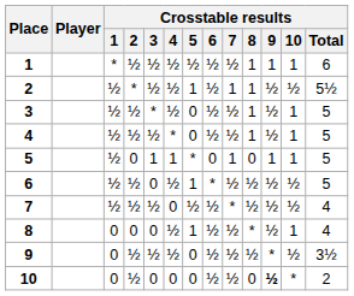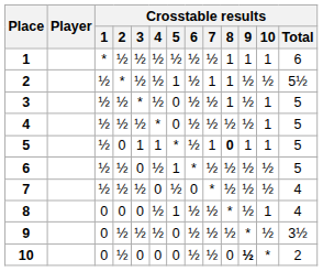 <table class="wikitable" style="font-size:85%;">
 <tr>
 <th rowspan="2">Place</th>
 <th rowspan="2">Player</th>
 <th colspan="11">Crosstable results</th>
 </tr>
 <tr>
 <th>1</th>
 <th>2</th>
 <th>3</th>
 <th>4</th>
 <th>5</th>
 <th>6</th>
 <th>7</th>
 <th>8</th>
 <th>9</th>
 <th>10</th>
 <th>Total</th>
 </tr>
 <tr style="text-align:center; background:white; color:black;">
 <td><strong>1</strong></td>
 <td align="left"></td>
 <td>*</td>
 <td>½</td>
 <td>½</td>
 <td>½</td>
 <td>½</td>
 <td>½</td>
 <td>½</td>
 <td>1</td>
 <td>1</td>
 <td>1</td>
 <td>6</td>
 </tr>
 <tr style="text-align:center; background:white; color:black;">
 <td><strong>2</strong></td>
 <td align="left"></td>
 <td>½</td>
 <td>*</td>
 <td>½</td>
 <td>½</td>
 <td>1</td>
 <td>½</td>
 <td>1</td>
 <td>1</td>
 <td>½</td>
 <td>½</td>
 <td>5½</td>
 </tr>
 <tr style="text-align:center; background:white; color:black;">
 <td><strong>3</strong></td>
 <td align="left"></td>
 <td>½</td>
 <td>½</td>
 <td>*</td>
 <td>½</td>
 <td>0</td>
 <td>½</td>
 <td>½</td>
 <td>1</td>
 <td>½</td>
 <td>1</td>
 <td>5</td>
 </tr>
 <tr style="text-align:center; background:white; color:black;">
 <td><strong>4</strong></td>
 <td align="left"></td>
 <td>½</td>
 <td>½</td>
 <td>½</td>
 <td>*</td>
 <td>0</td>
 <td>½</td>
 <td>½</td>
-<td>1</td>
+<td>½</td>
 <td>½</td>
 <td>1</td>
 <td>5</td>
 </tr>
 <tr style="text-align:center; background:white; color:black;">
 <td><strong>5</strong></td>
 <td align="left"></td>
 <td>½</td>
 <td>0</td>
 <td>1</td>
 <td>1</td>
 <td>*</td>
-<td>0</td>
+<td>½</td>
 <td>1</td>
-<td>0</td>
+<td><strong>0</strong></td>
 <td>1</td>
 <td>1</td>
 <td>5</td>
 </tr>
 <tr style="text-align:center; background:white; color:black;">
 <td><strong>6</strong></td>
 <td align="left"></td>
 <td>½</td>
 <td>½</td>
 <td>0</td>
 <td>½</td>
 <td>1</td>
 <td>*</td>
 <td>½</td>
 <td>½</td>
 <td>½</td>
 <td>½</td>
 <td>5</td>
 </tr>
 <tr style="text-align:center; background:white; color:black;">
 <td><strong>7</strong></td>
 <td align="left"></td>
 <td>½</td>
 <td>½</td>
 <td>½</td>
 <td>0</td>
 <td>½</td>
-<td>½</td>
+<td>0</td>
 <td>*</td>
 <td>½</td>
 <td>½</td>
 <td>½</td>
 <td>4</td>
 </tr>
 <tr style="text-align:center; background:white; color:black;">
 <td><strong>8</strong></td>
 <td align="left"></td>
 <td>0</td>
 <td>0</td>
 <td>0</td>
 <td>½</td>
 <td>1</td>
 <td>½</td>
 <td>½</td>
 <td>*</td>
 <td>½</td>
 <td>1</td>
 <td>4</td>
 </tr>
 <tr style="text-align:center; background:white; color:black;">
 <td><strong>9</strong></td>
 <td align="left"></td>
 <td>0</td>
 <td>½</td>
 <td>½</td>
 <td>½</td>
 <td>0</td>
 <td>½</td>
 <td>½</td>
 <td>½</td>
 <td>*</td>
 <td>½</td>
 <td>3½</td>
 </tr>
 <tr style="text-align:center; background:white; color:black;">
 <td><strong>10</strong></td>
 <td align="left"></td>
 <td>0</td>
 <td>½</td>
 <td>0</td>
 <td>0</td>
 <td>0</td>
 <td>½</td>
 <td>½</td>
 <td>0</td>
 <td><strong>½</strong></td>
 <td>*</td>
 <td>2</td>
 </tr>
 </table>
